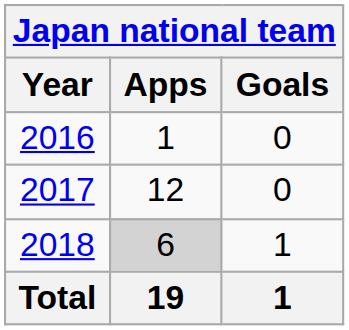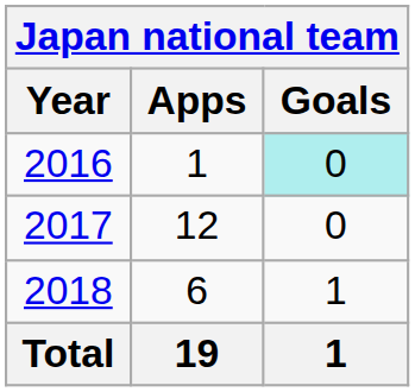 <table class="wikitable" style="text-align:center">
 <tr>
 <th colspan=3><a href='#'>Japan national team</a></th>
 </tr>
 <tr>
 <th>Year</th>
 <th>Apps</th>
 <th>Goals</th>
 </tr>
 <tr>
 <td><a href='#'>2016</a></td>
 <td>1</td>
-<td>0</td>
+<td style="background: paleturquoise;">0</td>
 </tr>
 <tr>
 <td><a href='#'>2017</a></td>
 <td>12</td>
 <td>0</td>
 </tr>
 <tr>
 <td><a href='#'>2018</a></td>
-<td style="background: lightgrey;">6</td>
+<td>6</td>
 <td>1</td>
 </tr>
 <tr>
 <th>Total</th>
 <th>19</th>
 <th>1</th>
 </tr>
 </table>
